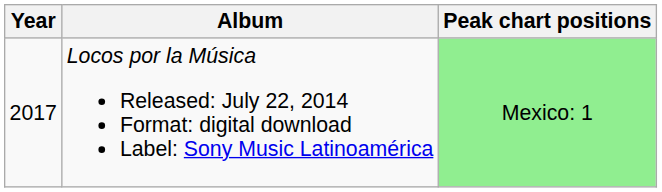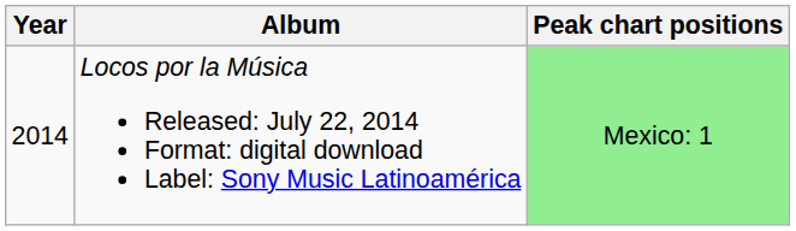 <table class="wikitable" style="text-align:center;">
 <tr>
 <th rowspan="1">Year</th>
 <th rowspan="1">Album</th>
 <th colspan="1">Peak chart positions</th>
 </tr>
 <tr>
-<td>2017</td>
+<td>2014</td>
 <td align="left"><em>Locos por la Música</em><br><ul><li>Released: July 22, 2014</li><li>Format: digital download</li><li>Label: <a href='#'>Sony Music Latinoamérica</a></li></ul></td>
 <td style="background: lightgreen;">Mexico: 1</td>
 </tr>
 </table>
